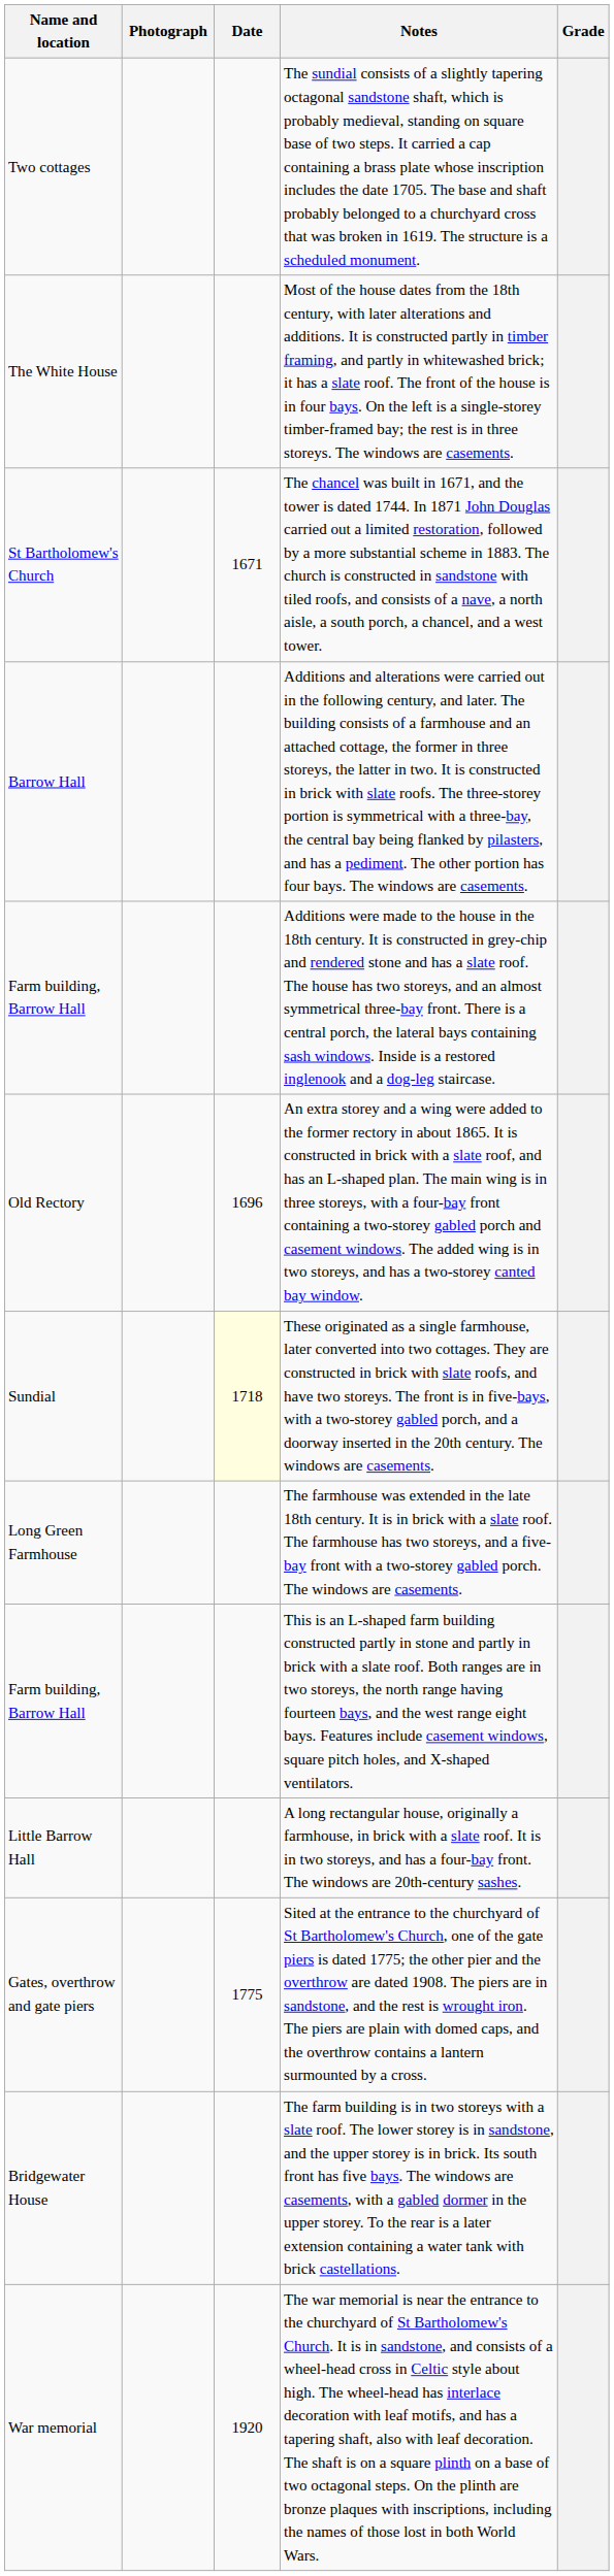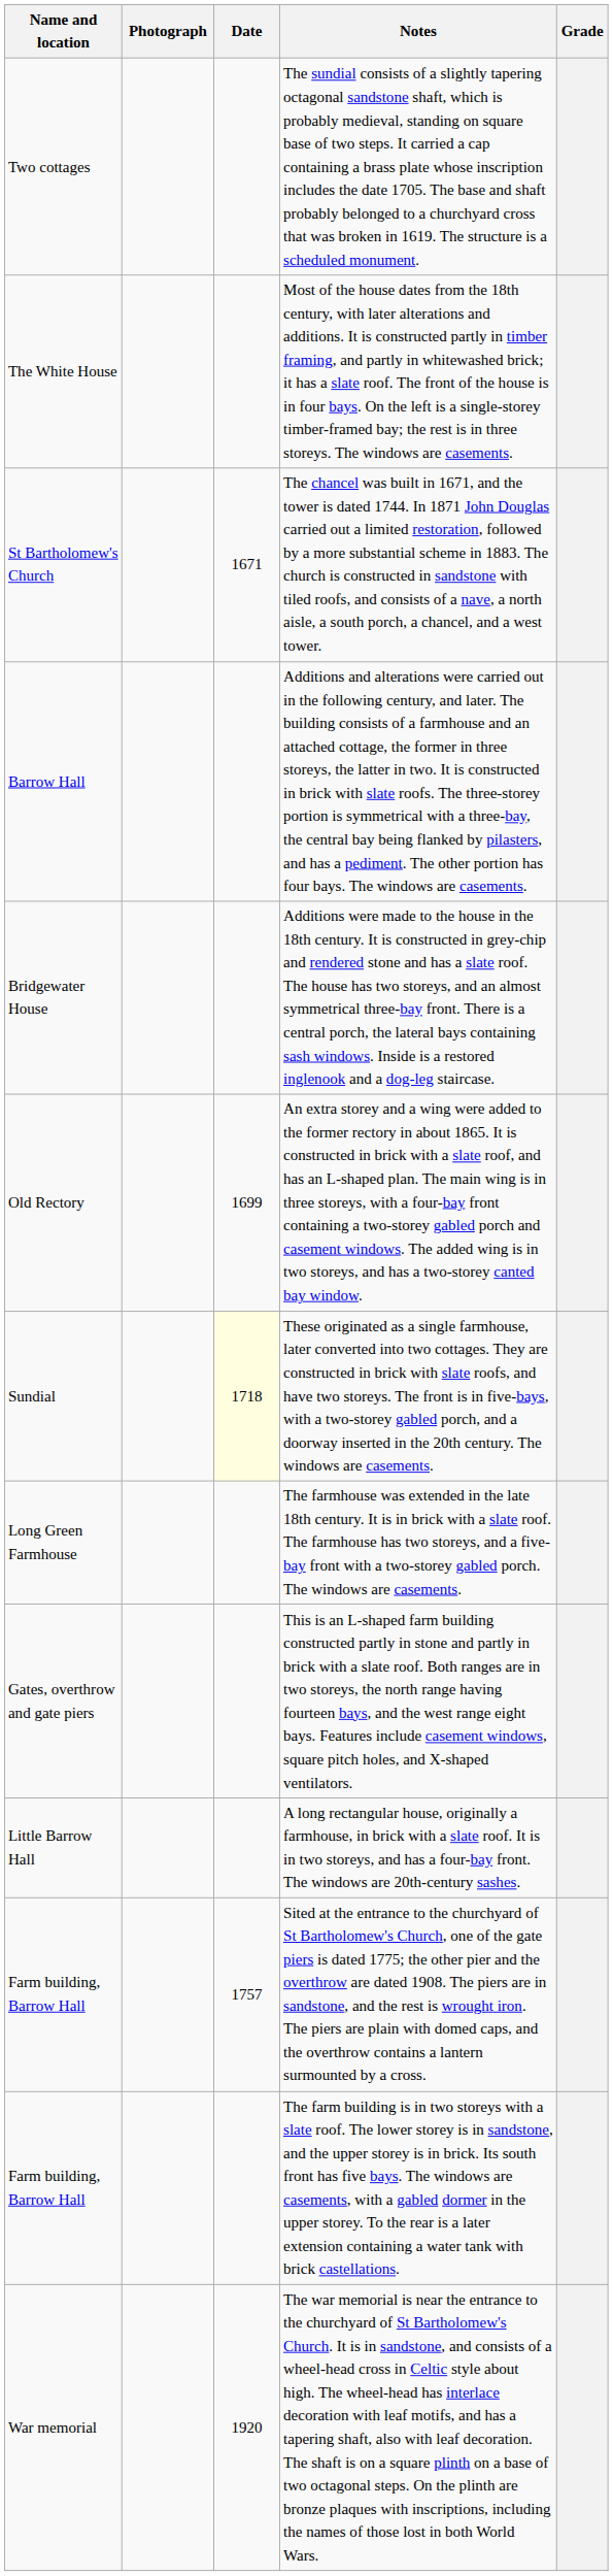 <table class="wikitable sortable plainrowheaders" style="width:100%;border:0px;text-align:left;line-height:150%;">
 <tr>
 <th scope="col" style="width:150px">Name and location</th>
 <th scope="col" style="width:100px" class="unsortable">Photograph</th>
 <th scope="col" style="width:120px">Date</th>
 <th scope="col" style="width:650px" class="unsortable">Notes</th>
 <th scope="col" style="width:50px">Grade</th>
 </tr>
 <tr>
 <td>Two cottages<br><small></small></td>
 <td></td>
 <td align="center"></td>
 <td>The <a href='#'>sundial</a> consists of a slightly tapering octagonal <a href='#'>sandstone</a> shaft, which is probably medieval, standing on square base of two steps. It carried a cap containing a brass plate whose inscription includes the date 1705. The base and shaft probably belonged to a churchyard cross that was broken in 1619. The structure is a <a href='#'>scheduled monument</a>.</td>
 <th></th>
 </tr>
 <tr>
 <td>The White House<br><small></small></td>
 <td></td>
 <td align="center"></td>
 <td>Most of the house dates from the 18th century, with later alterations and additions. It is constructed partly in <a href='#'>timber framing</a>, and partly in whitewashed brick; it has a <a href='#'>slate</a> roof. The front of the house is in four <a href='#'>bays</a>. On the left is a single-storey timber-framed bay; the rest is in three storeys. The windows are <a href='#'>casements</a>.</td>
 <th></th>
 </tr>
 <tr>
 <td><a href='#'>St Bartholomew's Church</a><br><small></small></td>
 <td></td>
 <td align="center">1671</td>
 <td>The <a href='#'>chancel</a> was built in 1671, and the tower is dated 1744. In 1871 <a href='#'>John Douglas</a> carried out a limited <a href='#'>restoration</a>, followed by a more substantial scheme in 1883. The church is constructed in <a href='#'>sandstone</a> with tiled roofs, and consists of a <a href='#'>nave</a>, a north aisle, a south porch, a chancel, and a west tower.</td>
 <th></th>
 </tr>
 <tr>
 <td><a href='#'>Barrow Hall</a><br><small></small></td>
 <td></td>
 <td align="center"></td>
 <td>Additions and alterations were carried out in the following century, and later. The building consists of a farmhouse and an attached cottage, the former in three storeys, the latter in two. It is constructed in brick with <a href='#'>slate</a> roofs. The three-storey portion is symmetrical with a three-<a href='#'>bay</a>, the central bay being flanked by <a href='#'>pilasters</a>, and has a <a href='#'>pediment</a>. The other portion has four bays. The windows are <a href='#'>casements</a>.</td>
 <th></th>
 </tr>
 <tr>
-<td>Farm building,<br><a href='#'>Barrow Hall</a><br><small></small></td>
+<td>Bridgewater House<br><small></small></td>
 <td></td>
 <td align="center"></td>
 <td>Additions were made to the house in the 18th century. It is constructed in grey-chip and <a href='#'>rendered</a> stone and has a <a href='#'>slate</a> roof. The house has two storeys, and an almost symmetrical three-<a href='#'>bay</a> front. There is a central porch, the lateral bays containing <a href='#'>sash windows</a>. Inside is a restored <a href='#'>inglenook</a> and a <a href='#'>dog-leg</a> staircase.</td>
 <th></th>
 </tr>
 <tr>
 <td>Old Rectory<br><small></small></td>
 <td></td>
-<td align="center">1696</td>
+<td align="center">1699</td>
 <td>An extra storey and a wing were added to the former rectory in about 1865. It is constructed in brick with a <a href='#'>slate</a> roof, and has an L-shaped plan. The main wing is in three storeys, with a four-<a href='#'>bay</a> front containing a two-storey <a href='#'>gabled</a> porch and <a href='#'>casement windows</a>. The added wing is in two storeys, and has a two-storey <a href='#'>canted</a> <a href='#'>bay window</a>.</td>
 <th></th>
 </tr>
 <tr>
 <td>Sundial<br><small></small></td>
 <td></td>
 <td align="center" style="background: lightyellow;">1718</td>
 <td>These originated as a single farmhouse, later converted into two cottages. They are constructed in brick with <a href='#'>slate</a> roofs, and have two storeys. The front is in five-<a href='#'>bays</a>, with a two-storey <a href='#'>gabled</a> porch, and a doorway inserted in the 20th century. The windows are <a href='#'>casements</a>.</td>
 <th></th>
 </tr>
 <tr>
 <td>Long Green Farmhouse<br><small></small></td>
 <td></td>
 <td align="center"></td>
 <td>The farmhouse was extended in the late 18th century. It is in brick with a <a href='#'>slate</a> roof. The farmhouse has two storeys, and a five-<a href='#'>bay</a> front with a two-storey <a href='#'>gabled</a> porch. The windows are <a href='#'>casements</a>.</td>
 <th></th>
 </tr>
 <tr>
-<td>Farm building,<br><a href='#'>Barrow Hall</a><br><small></small></td>
+<td>Gates, overthrow and gate piers<br><small></small></td>
 <td></td>
 <td align="center"></td>
 <td>This is an L-shaped farm building constructed partly in stone and partly in brick with a slate roof. Both ranges are in two storeys, the north range having fourteen <a href='#'>bays</a>, and the west range eight bays. Features include <a href='#'>casement windows</a>, square pitch holes, and X-shaped ventilators.</td>
 <th></th>
 </tr>
 <tr>
 <td>Little Barrow Hall<br><small></small></td>
 <td></td>
 <td align="center"></td>
 <td>A long rectangular house, originally a farmhouse, in brick with a <a href='#'>slate</a> roof. It is in two storeys, and has a four-<a href='#'>bay</a> front. The windows are 20th-century <a href='#'>sashes</a>.</td>
 <th></th>
 </tr>
 <tr>
-<td>Gates, overthrow and gate piers<br><small></small></td>
+<td>Farm building,<br><a href='#'>Barrow Hall</a><br><small></small></td>
 <td></td>
-<td align="center">1775</td>
+<td align="center">1757</td>
 <td>Sited at the entrance to the churchyard of <a href='#'>St Bartholomew's Church</a>, one of the gate <a href='#'>piers</a> is dated 1775; the other pier and the <a href='#'>overthrow</a> are dated 1908. The piers are in <a href='#'>sandstone</a>, and the rest is <a href='#'>wrought iron</a>. The piers are plain with domed caps, and the overthrow contains a lantern surmounted by a cross.</td>
 <th></th>
 </tr>
 <tr>
-<td>Bridgewater House<br><small></small></td>
+<td>Farm building,<br><a href='#'>Barrow Hall</a><br><small></small></td>
 <td></td>
 <td align="center"></td>
 <td>The farm building is in two storeys with a <a href='#'>slate</a> roof. The lower storey is in <a href='#'>sandstone</a>, and the upper storey is in brick. Its south front has five <a href='#'>bays</a>. The windows are <a href='#'>casements</a>, with a <a href='#'>gabled</a> <a href='#'>dormer</a> in the upper storey. To the rear is a later extension containing a water tank with brick <a href='#'>castellations</a>.</td>
 <th></th>
 </tr>
 <tr>
 <td>War memorial<br><small></small></td>
 <td></td>
 <td align="center">1920</td>
 <td>The war memorial is near the entrance to the churchyard of <a href='#'>St Bartholomew's Church</a>. It is in <a href='#'>sandstone</a>, and consists of a wheel-head cross in <a href='#'>Celtic</a> style about  high. The wheel-head has <a href='#'>interlace</a> decoration with leaf motifs, and has a tapering shaft, also with leaf decoration. The shaft is on a square <a href='#'>plinth</a> on a base of two octagonal steps. On the plinth are bronze plaques with inscriptions, including the names of those lost in both World Wars.</td>
 <th></th>
 </tr>
 <tr>
 </tr>
 </table>
